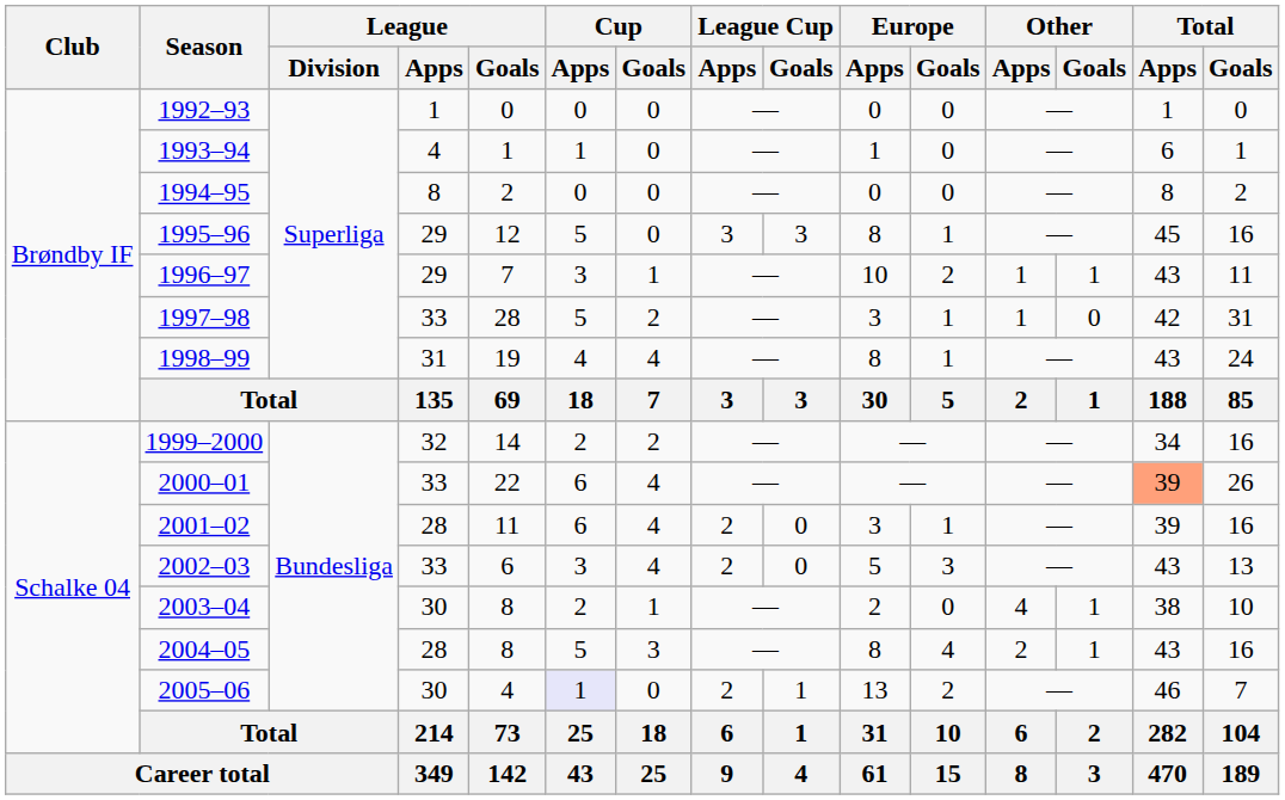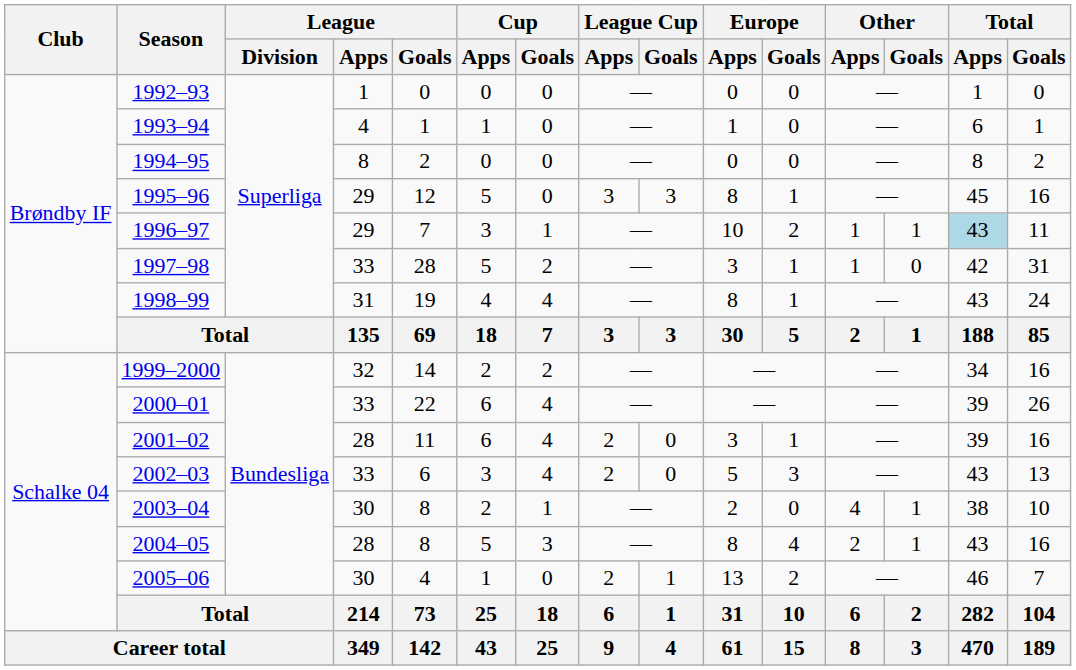 <table class="wikitable" style="text-align:center">
 <tr>
 <th rowspan="2">Club</th>
 <th rowspan="2">Season</th>
 <th colspan="3">League</th>
 <th colspan="2">Cup</th>
 <th colspan="2">League Cup</th>
 <th colspan="2">Europe</th>
 <th colspan="2">Other</th>
 <th colspan="2">Total</th>
 </tr>
 <tr>
 <th>Division</th>
 <th>Apps</th>
 <th>Goals</th>
 <th>Apps</th>
 <th>Goals</th>
 <th>Apps</th>
 <th>Goals</th>
 <th>Apps</th>
 <th>Goals</th>
 <th>Apps</th>
 <th>Goals</th>
 <th>Apps</th>
 <th>Goals</th>
 </tr>
 <tr>
 <td rowspan="8"><a href='#'>Brøndby IF</a></td>
 <td><a href='#'>1992–93</a></td>
 <td rowspan="7"><a href='#'>Superliga</a></td>
 <td>1</td>
 <td>0</td>
 <td>0</td>
 <td>0</td>
 <td colspan="2">—</td>
 <td>0</td>
 <td>0</td>
 <td colspan="2">—</td>
 <td>1</td>
 <td>0</td>
 </tr>
 <tr>
 <td><a href='#'>1993–94</a></td>
 <td>4</td>
 <td>1</td>
 <td>1</td>
 <td>0</td>
 <td colspan="2">—</td>
 <td>1</td>
 <td>0</td>
 <td colspan="2">—</td>
 <td>6</td>
 <td>1</td>
 </tr>
 <tr>
 <td><a href='#'>1994–95</a></td>
 <td>8</td>
 <td>2</td>
 <td>0</td>
 <td>0</td>
 <td colspan="2">—</td>
 <td>0</td>
 <td>0</td>
 <td colspan="2">—</td>
 <td>8</td>
 <td>2</td>
 </tr>
 <tr>
 <td><a href='#'>1995–96</a></td>
 <td>29</td>
 <td>12</td>
 <td>5</td>
 <td>0</td>
 <td>3</td>
 <td>3</td>
 <td>8</td>
 <td>1</td>
 <td colspan="2">—</td>
 <td>45</td>
 <td>16</td>
 </tr>
 <tr>
 <td><a href='#'>1996–97</a></td>
 <td>29</td>
 <td>7</td>
 <td>3</td>
 <td>1</td>
 <td colspan="2">—</td>
 <td>10</td>
 <td>2</td>
 <td>1</td>
 <td>1</td>
-<td>43</td>
+<td style="background: lightblue;">43</td>
 <td>11</td>
 </tr>
 <tr>
 <td><a href='#'>1997–98</a></td>
 <td>33</td>
 <td>28</td>
 <td>5</td>
 <td>2</td>
 <td colspan="2">—</td>
 <td>3</td>
 <td>1</td>
 <td>1</td>
 <td>0</td>
 <td>42</td>
 <td>31</td>
 </tr>
 <tr>
 <td><a href='#'>1998–99</a></td>
 <td>31</td>
 <td>19</td>
 <td>4</td>
 <td>4</td>
 <td colspan="2">—</td>
 <td>8</td>
 <td>1</td>
 <td colspan="2">—</td>
 <td>43</td>
 <td>24</td>
 </tr>
 <tr>
 <th colspan="2">Total</th>
 <th>135</th>
 <th>69</th>
 <th>18</th>
 <th>7</th>
 <th>3</th>
 <th>3</th>
 <th>30</th>
 <th>5</th>
 <th>2</th>
 <th>1</th>
 <th>188</th>
 <th>85</th>
 </tr>
 <tr>
 <td rowspan="8"><a href='#'>Schalke 04</a></td>
 <td><a href='#'>1999–2000</a></td>
 <td rowspan="7"><a href='#'>Bundesliga</a></td>
 <td>32</td>
 <td>14</td>
 <td>2</td>
 <td>2</td>
 <td colspan="2">—</td>
 <td colspan="2">—</td>
 <td colspan="2">—</td>
 <td>34</td>
 <td>16</td>
 </tr>
 <tr>
 <td><a href='#'>2000–01</a></td>
 <td>33</td>
 <td>22</td>
 <td>6</td>
 <td>4</td>
 <td colspan="2">—</td>
 <td colspan="2">—</td>
 <td colspan="2">—</td>
-<td style="background: lightsalmon;">39</td>
+<td>39</td>
 <td>26</td>
 </tr>
 <tr>
 <td><a href='#'>2001–02</a></td>
 <td>28</td>
 <td>11</td>
 <td>6</td>
 <td>4</td>
 <td>2</td>
 <td>0</td>
 <td>3</td>
 <td>1</td>
 <td colspan="2">—</td>
 <td>39</td>
 <td>16</td>
 </tr>
 <tr>
 <td><a href='#'>2002–03</a></td>
 <td>33</td>
 <td>6</td>
 <td>3</td>
 <td>4</td>
 <td>2</td>
 <td>0</td>
 <td>5</td>
 <td>3</td>
 <td colspan="2">—</td>
 <td>43</td>
 <td>13</td>
 </tr>
 <tr>
 <td><a href='#'>2003–04</a></td>
 <td>30</td>
 <td>8</td>
 <td>2</td>
 <td>1</td>
 <td colspan="2">—</td>
 <td>2</td>
 <td>0</td>
 <td>4</td>
 <td>1</td>
 <td>38</td>
 <td>10</td>
 </tr>
 <tr>
 <td><a href='#'>2004–05</a></td>
 <td>28</td>
 <td>8</td>
 <td>5</td>
 <td>3</td>
 <td colspan="2">—</td>
 <td>8</td>
 <td>4</td>
 <td>2</td>
 <td>1</td>
 <td>43</td>
 <td>16</td>
 </tr>
 <tr>
 <td><a href='#'>2005–06</a></td>
 <td>30</td>
 <td>4</td>
-<td style="background: lavender;">1</td>
+<td>1</td>
 <td>0</td>
 <td>2</td>
 <td>1</td>
 <td>13</td>
 <td>2</td>
 <td colspan="2">—</td>
 <td>46</td>
 <td>7</td>
 </tr>
 <tr>
 <th colspan="2">Total</th>
 <th>214</th>
 <th>73</th>
 <th>25</th>
 <th>18</th>
 <th>6</th>
 <th>1</th>
 <th>31</th>
 <th>10</th>
 <th>6</th>
 <th>2</th>
 <th>282</th>
 <th>104</th>
 </tr>
 <tr>
 <th colspan="3">Career total</th>
 <th>349</th>
 <th>142</th>
 <th>43</th>
 <th>25</th>
 <th>9</th>
 <th>4</th>
 <th>61</th>
 <th>15</th>
 <th>8</th>
 <th>3</th>
 <th>470</th>
 <th>189</th>
 </tr>
 </table>
